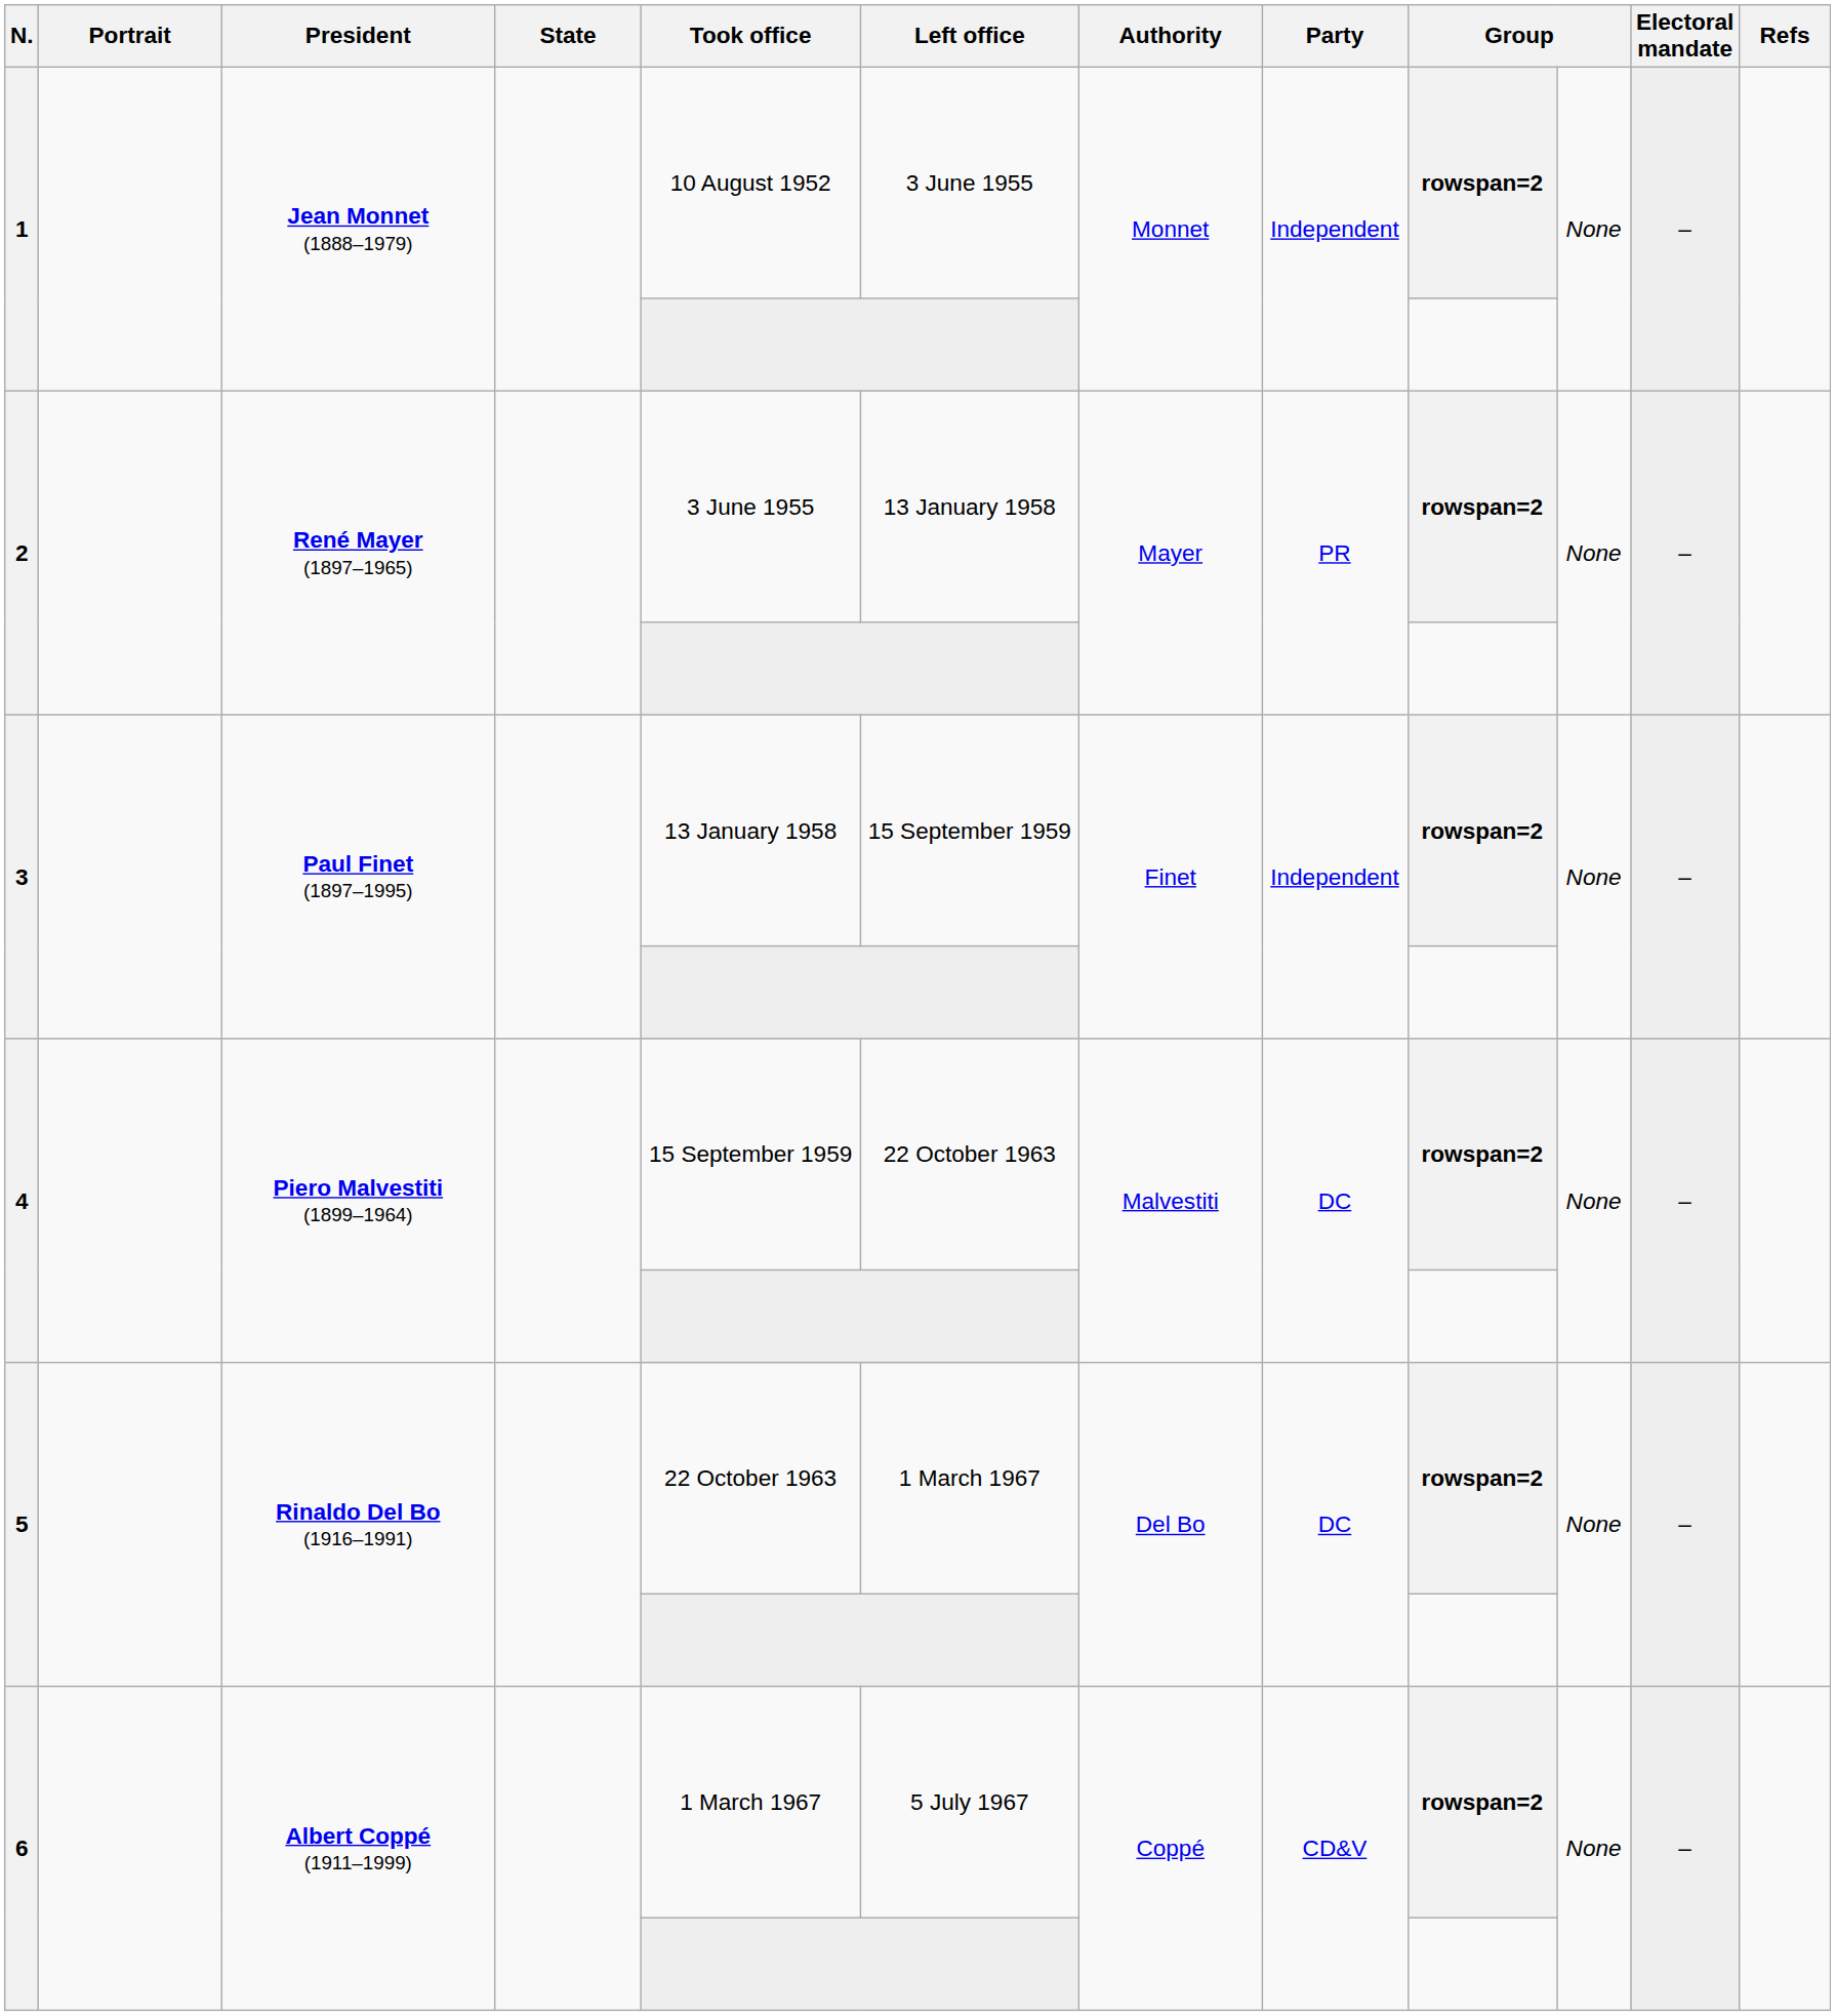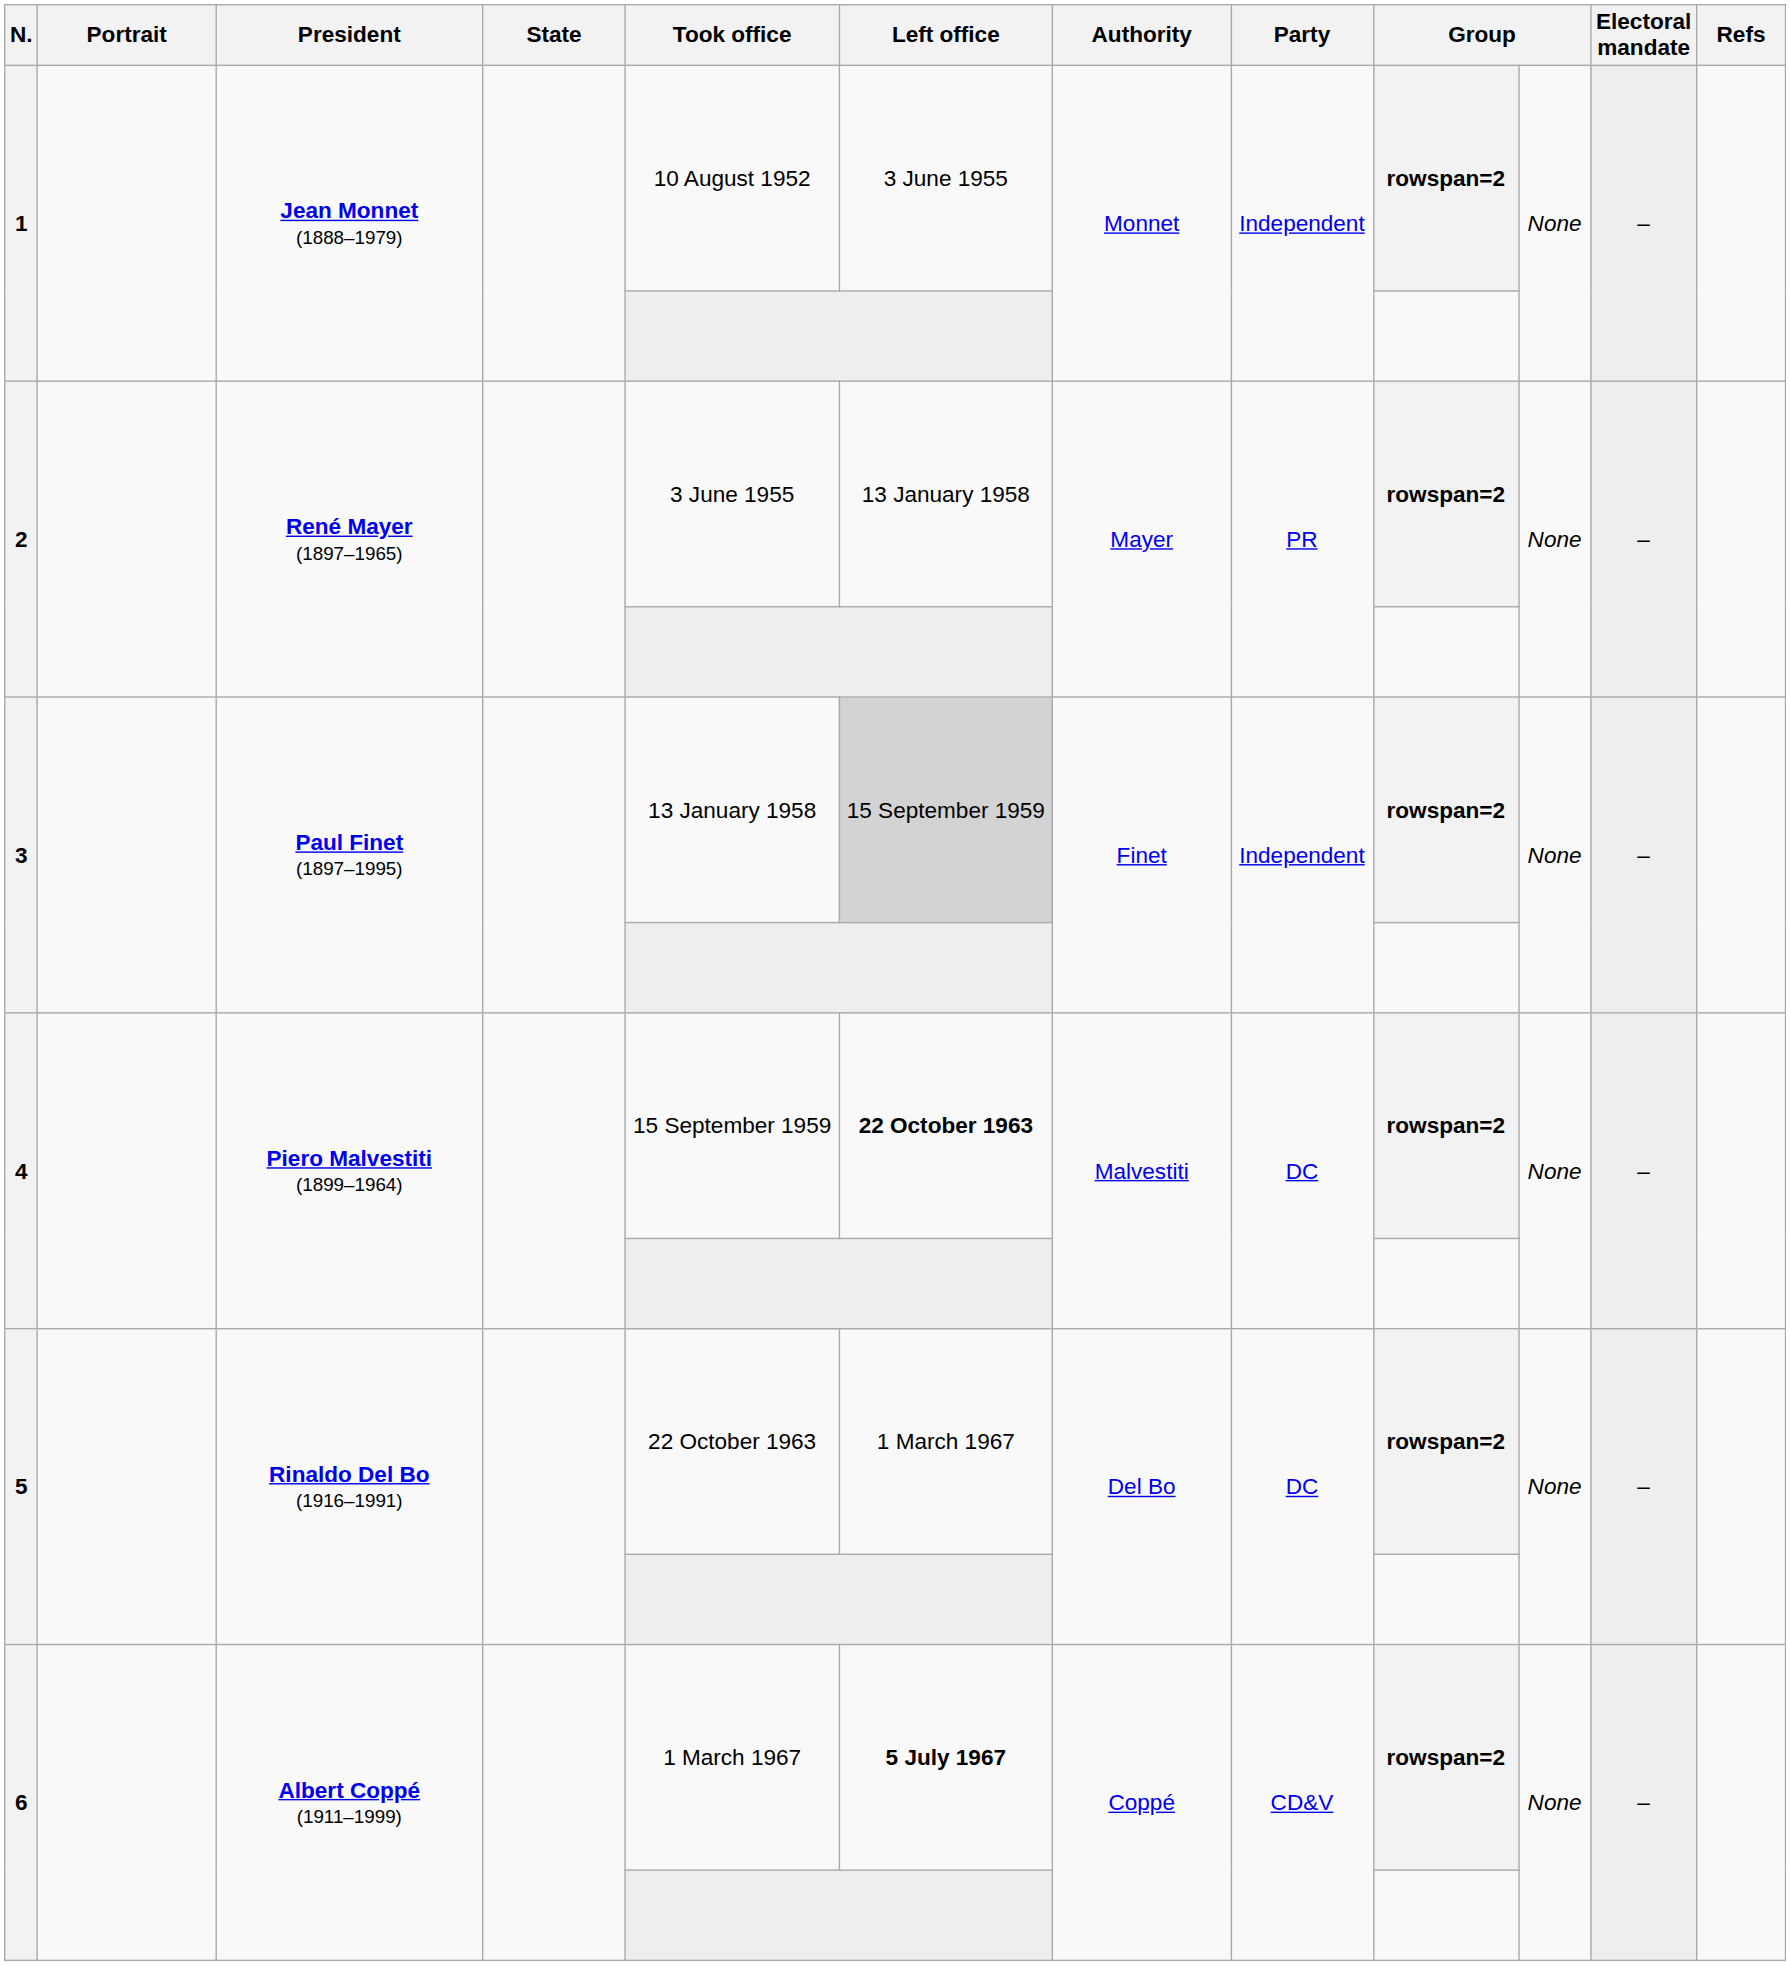 <table class="wikitable" style="text-align:center; style="width=100%">
 <tr>
 <th width=1%>N.</th>
 <th width=10%>Portrait</th>
 <th width=15%>President<br></th>
 <th width=8%>State</th>
 <th width=12%>Took office</th>
 <th width=12%>Left office</th>
 <th width=10%>Authority</th>
 <th width=8%>Party</th>
 <th widht=15% colspan=2>Group</th>
 <th width=5%>Electoral mandate</th>
 <th width=5%>Refs</th>
 </tr>
 <tr style="height:10em;">
 <th rowspan=2>1</th>
 <td rowspan=2></td>
 <td rowspan=2><strong><a href='#'>Jean Monnet</a></strong><br><small>(1888–1979)</small></td>
 <td rowspan=2></td>
 <td>10 August 1952</td>
 <td>3 June 1955</td>
 <td rowspan=2><a href='#'>Monnet</a></td>
 <td rowspan=2><a href='#'>Independent</a></td>
 <th>rowspan=2 </th>
 <td rowspan=2><em>None</em></td>
 <td rowspan=2 bgcolor=#EEEEEE>–</td>
 <td rowspan=2></td>
 </tr>
 <tr style="height:4em;">
 <td colspan=2 bgcolor=#EEEEEE></td>
 </tr>
 <tr style="height:10em;">
 <th rowspan=2>2</th>
 <td rowspan=2></td>
 <td rowspan=2><strong><a href='#'>René Mayer</a></strong><br><small>(1897–1965)</small></td>
 <td rowspan=2></td>
 <td>3 June 1955</td>
 <td>13 January 1958</td>
 <td rowspan=2><a href='#'>Mayer</a></td>
 <td rowspan=2><a href='#'>PR</a></td>
 <th>rowspan=2 </th>
 <td rowspan=2><em>None</em></td>
 <td rowspan=2 bgcolor=#EEEEEE>–</td>
 <td rowspan=2></td>
 </tr>
 <tr style="height:4em;">
 <td colspan=2 bgcolor=#EEEEEE></td>
 </tr>
 <tr style="height:10em;">
 <th rowspan=2>3</th>
 <td rowspan=2></td>
 <td rowspan=2><strong><a href='#'>Paul Finet</a></strong><br><small>(1897–1995)</small></td>
 <td rowspan=2></td>
 <td>13 January 1958</td>
-<td>15 September 1959</td>
+<td style="background: lightgrey;">15 September 1959</td>
 <td rowspan=2><a href='#'>Finet</a></td>
 <td rowspan=2><a href='#'>Independent</a></td>
 <th>rowspan=2 </th>
 <td rowspan=2><em>None</em></td>
 <td rowspan=2 bgcolor=#EEEEEE>–</td>
 <td rowspan=2></td>
 </tr>
 <tr style="height:4em;">
 <td colspan=2 bgcolor=#EEEEEE></td>
 </tr>
 <tr style="height:10em;">
 <th rowspan=2>4</th>
 <td rowspan=2></td>
 <td rowspan=2><strong><a href='#'>Piero Malvestiti</a></strong><br><small>(1899–1964)</small></td>
 <td rowspan=2></td>
 <td>15 September 1959</td>
-<td>22 October 1963</td>
+<td><strong>22 October 1963</strong></td>
 <td rowspan=2><a href='#'>Malvestiti</a></td>
 <td rowspan=2><a href='#'>DC</a></td>
 <th>rowspan=2 </th>
 <td rowspan=2><em>None</em></td>
 <td rowspan=2 bgcolor=#EEEEEE>–</td>
 <td rowspan=2></td>
 </tr>
 <tr style="height:4em;">
 <td colspan=2 bgcolor=#EEEEEE></td>
 </tr>
 <tr style="height:10em;">
 <th rowspan=2>5</th>
 <td rowspan=2></td>
 <td rowspan=2><strong><a href='#'>Rinaldo Del Bo</a></strong><br><small>(1916–1991)</small></td>
 <td rowspan=2></td>
 <td>22 October 1963</td>
 <td>1 March 1967</td>
 <td rowspan=2><a href='#'>Del Bo</a></td>
 <td rowspan=2><a href='#'>DC</a></td>
 <th>rowspan=2 </th>
 <td rowspan=2><em>None</em></td>
 <td rowspan=2 bgcolor=#EEEEEE>–</td>
 <td rowspan=2></td>
 </tr>
 <tr style="height:4em;">
 <td colspan=2 bgcolor=#EEEEEE></td>
 </tr>
 <tr style="height:10em;">
 <th rowspan=2>6</th>
 <td rowspan=2></td>
 <td rowspan=2><strong><a href='#'>Albert Coppé</a></strong><br><small>(1911–1999)</small></td>
 <td rowspan=2></td>
 <td>1 March 1967</td>
-<td>5 July 1967</td>
+<td><strong>5 July 1967</strong></td>
 <td rowspan=2><a href='#'>Coppé</a></td>
 <td rowspan=2><a href='#'>CD&V</a></td>
 <th>rowspan=2 </th>
 <td rowspan=2><em>None</em></td>
 <td rowspan=2 bgcolor=#EEEEEE>–</td>
 <td rowspan=2></td>
 </tr>
 <tr style="height:4em;">
 <td colspan=2 bgcolor=#EEEEEE></td>
 </tr>
 </table>
